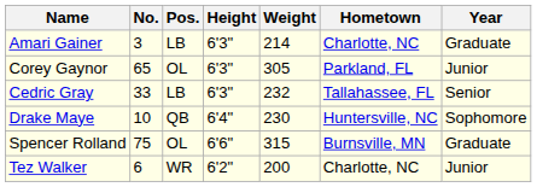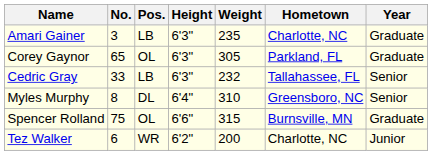 <table class="wikitable sortable">
 <tr>
 <th>Name</th>
 <th>No.</th>
 <th>Pos.</th>
 <th>Height</th>
 <th>Weight</th>
 <th>Hometown</th>
 <th>Year</th>
 </tr>
 <tr style="background:#FFFFE6;">
 <td><a href='#'>Amari Gainer</a></td>
 <td>3</td>
 <td>LB</td>
 <td>6'3"</td>
-<td>214</td>
+<td>235</td>
 <td><a href='#'>Charlotte, NC</a></td>
 <td>Graduate</td>
 </tr>
 <tr style="background:#FFFFE6;">
 <td>Corey Gaynor</td>
 <td>65</td>
 <td>OL</td>
 <td>6'3"</td>
 <td>305</td>
 <td><a href='#'>Parkland, FL</a></td>
-<td>Junior</td>
+<td>Graduate</td>
 </tr>
 <tr style="background:#FFFFE6;">
 <td><a href='#'>Cedric Gray</a></td>
 <td>33</td>
 <td>LB</td>
 <td>6'3"</td>
 <td>232</td>
 <td><a href='#'>Tallahassee, FL</a></td>
 <td>Senior</td>
 </tr>
 <tr style="background:#FFFFE6;">
-<td><a href='#'>Drake Maye</a></td>
-<td>10</td>
-<td>QB</td>
+<td>Myles Murphy</td>
+<td>8</td>
+<td>DL</td>
 <td>6'4"</td>
-<td>230</td>
-<td><a href='#'>Huntersville, NC</a></td>
-<td>Sophomore</td>
+<td>310</td>
+<td><a href='#'>Greensboro, NC</a></td>
+<td>Senior</td>
 </tr>
 <tr style="background:#FFFFE6;">
 <td>Spencer Rolland</td>
 <td>75</td>
 <td>OL</td>
 <td>6'6"</td>
 <td>315</td>
 <td><a href='#'>Burnsville, MN</a></td>
 <td>Graduate</td>
 </tr>
 <tr style="background:#FFFFE6;">
 <td><a href='#'>Tez Walker</a></td>
 <td>6</td>
 <td>WR</td>
 <td>6'2"</td>
 <td>200</td>
 <td>Charlotte, NC</td>
 <td>Junior</td>
 </tr>
 </table>
